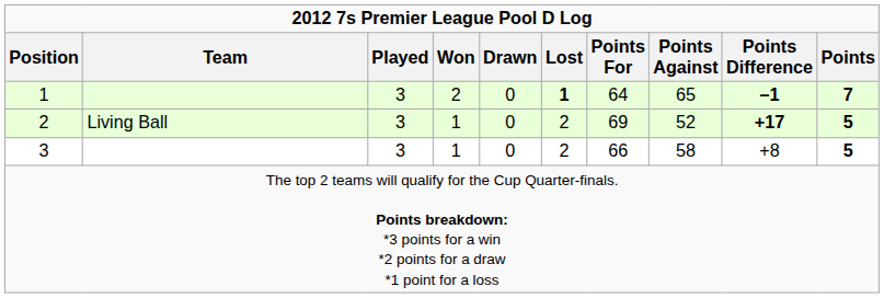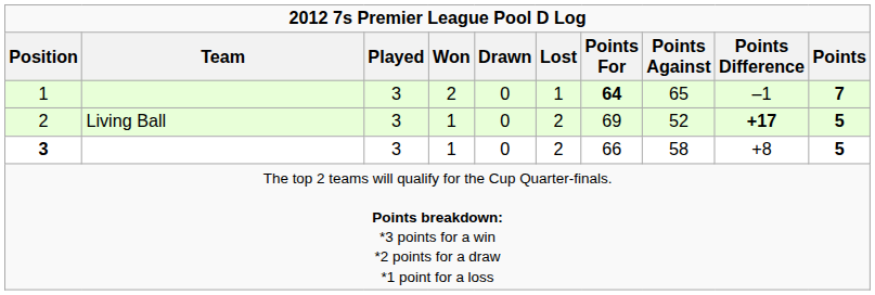 <table class="wikitable" style="text-align: center;">
 <tr>
 <td colspan="10" cellpadding="0" cellspacing="0"><strong>2012 7s Premier League Pool D Log</strong></td>
 </tr>
 <tr>
 <th bgcolor="#efefef" width="20">Position</th>
 <th bgcolor="#efefef" width="250">Team</th>
 <th bgcolor="#efefef" width="20">Played</th>
 <th bgcolor="#efefef" width="20">Won</th>
 <th bgcolor="#efefef" width="20">Drawn</th>
 <th bgcolor="#efefef" width="20">Lost</th>
 <th bgcolor="#efefef" width="20">Points For</th>
 <th bgcolor="#efefef" width="20">Points Against</th>
 <th bgcolor="#efefef" width="20">Points Difference</th>
 <th bgcolor="#efefef" width="20">Points<br></th>
 </tr>
 <tr bgcolor=#E8FFD8>
 <td>1</td>
 <td align=left></td>
 <td>3</td>
 <td>2</td>
 <td>0</td>
-<td><strong>1</strong></td>
-<td>64</td>
+<td>1</td>
+<td><strong>64</strong></td>
 <td>65</td>
-<td><strong>–1</strong></td>
+<td>–1</td>
 <td><strong>7</strong></td>
 </tr>
 <tr bgcolor=#E8FFD8>
 <td>2</td>
 <td align=left>Living Ball</td>
 <td>3</td>
 <td>1</td>
 <td>0</td>
 <td>2</td>
 <td>69</td>
 <td>52</td>
 <td><strong>+17</strong></td>
 <td><strong>5</strong></td>
 </tr>
 <tr bgcolor=#FFFFFF>
-<td>3</td>
+<td><strong>3</strong></td>
 <td align=left></td>
 <td>3</td>
 <td>1</td>
 <td>0</td>
 <td>2</td>
 <td>66</td>
 <td>58</td>
 <td>+8</td>
 <td><strong>5</strong></td>
 </tr>
 <tr |align=left|>
 <td colspan="10" style="border:0px"><small>The top 2 teams will qualify for the Cup Quarter-finals.<br><br><strong>Points breakdown:</strong><br>*3 points for a win<br>*2 points for a draw<br>*1 point for a loss</small></td>
 </tr>
 </table>
